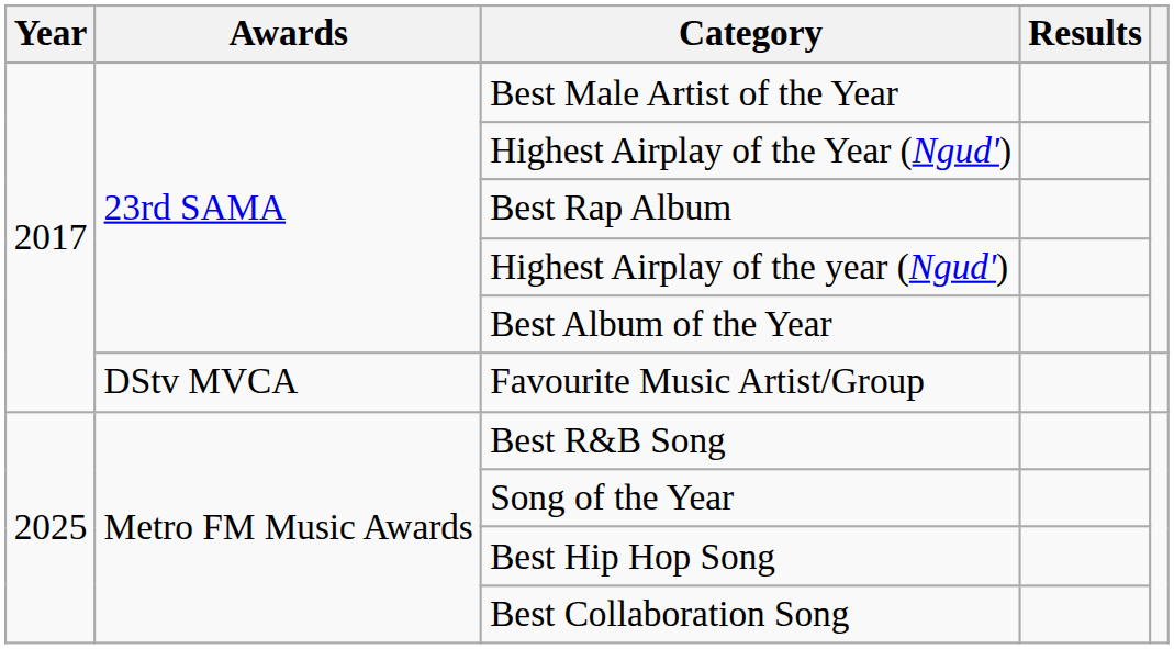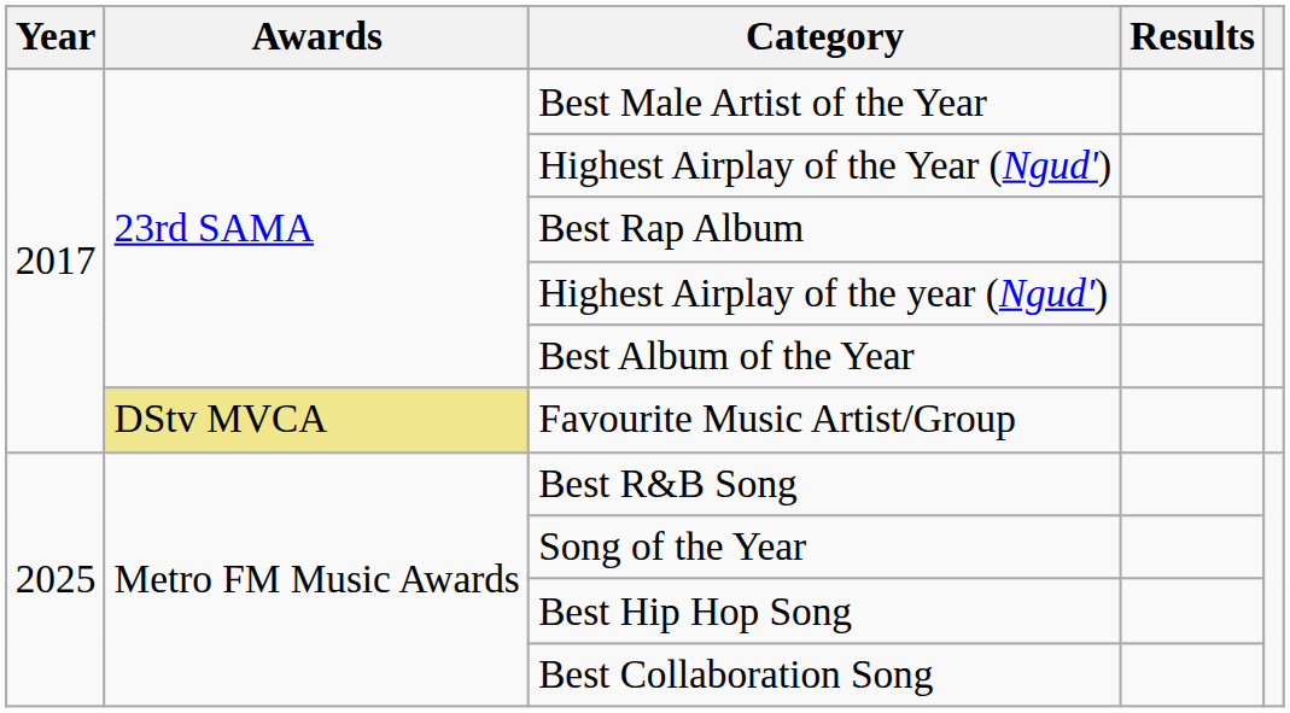 <table class="wikitable">
 <tr>
 <th>Year</th>
 <th>Awards</th>
 <th>Category</th>
 <th>Results</th>
 <th></th>
 </tr>
 <tr>
 <td rowspan="6">2017</td>
 <td rowspan="5"><a href='#'>23rd SAMA</a></td>
 <td>Best Male Artist of the Year</td>
 <td></td>
 <td rowspan="5"></td>
 </tr>
 <tr>
 <td>Highest Airplay of the Year (<em><a href='#'>Ngud'</a></em>)</td>
 <td></td>
 </tr>
 <tr>
 <td>Best Rap Album</td>
 <td></td>
 </tr>
 <tr>
 <td>Highest Airplay of the year (<em><a href='#'>Ngud'</a></em>)</td>
 <td></td>
 </tr>
 <tr>
 <td>Best Album of the Year</td>
 <td></td>
 </tr>
 <tr>
-<td>DStv MVCA</td>
+<td style="background: khaki;">DStv MVCA</td>
 <td>Favourite Music Artist/Group</td>
 <td></td>
 <td></td>
 </tr>
 <tr>
 <td rowspan=4>2025</td>
 <td rowspan=4>Metro FM Music Awards</td>
 <td>Best R&B Song</td>
 <td></td>
 <td rowspan=4></td>
 </tr>
 <tr>
 <td>Song of the Year</td>
 <td></td>
 </tr>
 <tr>
 <td>Best Hip Hop Song</td>
 <td></td>
 </tr>
 <tr>
 <td>Best Collaboration Song</td>
 <td></td>
 </tr>
 </table>
